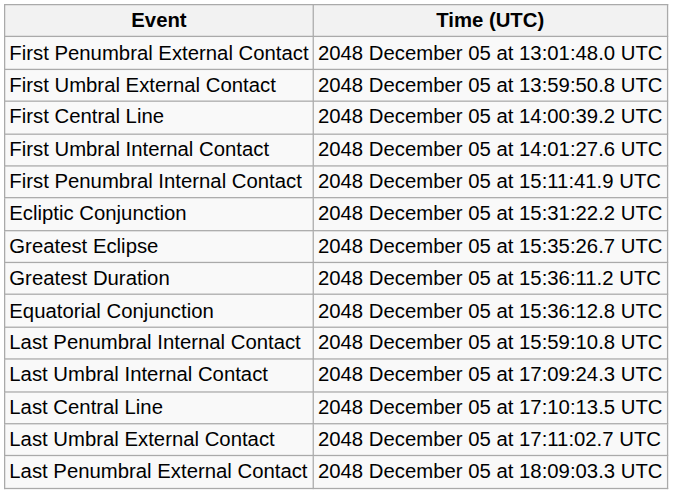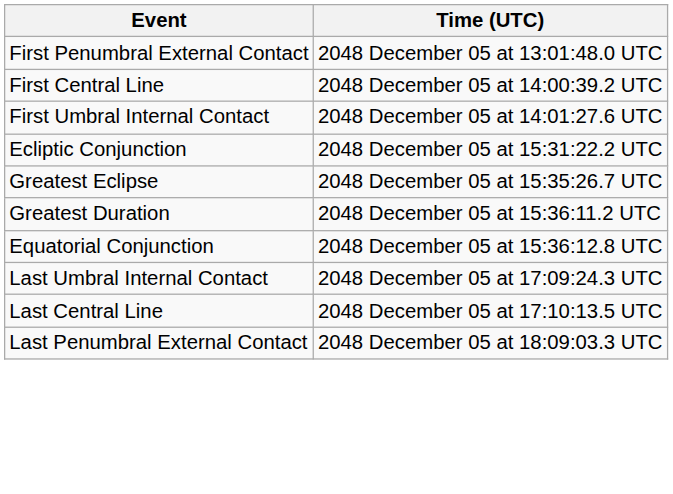 <table class="wikitable">
 <tr>
 <th>Event</th>
 <th>Time (UTC)</th>
 </tr>
 <tr>
 <td>First Penumbral External Contact</td>
 <td>2048 December 05 at 13:01:48.0 UTC</td>
 </tr>
 <tr>
-<td>First Umbral External Contact</td>
-<td>2048 December 05 at 13:59:50.8 UTC</td>
-</tr>
-<tr>
 <td>First Central Line</td>
 <td>2048 December 05 at 14:00:39.2 UTC</td>
 </tr>
 <tr>
 <td>First Umbral Internal Contact</td>
 <td>2048 December 05 at 14:01:27.6 UTC</td>
-</tr>
-<tr>
-<td>First Penumbral Internal Contact</td>
-<td>2048 December 05 at 15:11:41.9 UTC</td>
 </tr>
 <tr>
 <td>Ecliptic Conjunction</td>
 <td>2048 December 05 at 15:31:22.2 UTC</td>
 </tr>
 <tr>
 <td>Greatest Eclipse</td>
 <td>2048 December 05 at 15:35:26.7 UTC</td>
 </tr>
 <tr>
 <td>Greatest Duration</td>
 <td>2048 December 05 at 15:36:11.2 UTC</td>
 </tr>
 <tr>
 <td>Equatorial Conjunction</td>
 <td>2048 December 05 at 15:36:12.8 UTC</td>
 </tr>
 <tr>
-<td>Last Penumbral Internal Contact</td>
-<td>2048 December 05 at 15:59:10.8 UTC</td>
-</tr>
-<tr>
 <td>Last Umbral Internal Contact</td>
 <td>2048 December 05 at 17:09:24.3 UTC</td>
 </tr>
 <tr>
 <td>Last Central Line</td>
 <td>2048 December 05 at 17:10:13.5 UTC</td>
 </tr>
 <tr>
-<td>Last Umbral External Contact</td>
-<td>2048 December 05 at 17:11:02.7 UTC</td>
-</tr>
-<tr>
 <td>Last Penumbral External Contact</td>
 <td>2048 December 05 at 18:09:03.3 UTC</td>
 </tr>
 </table>
